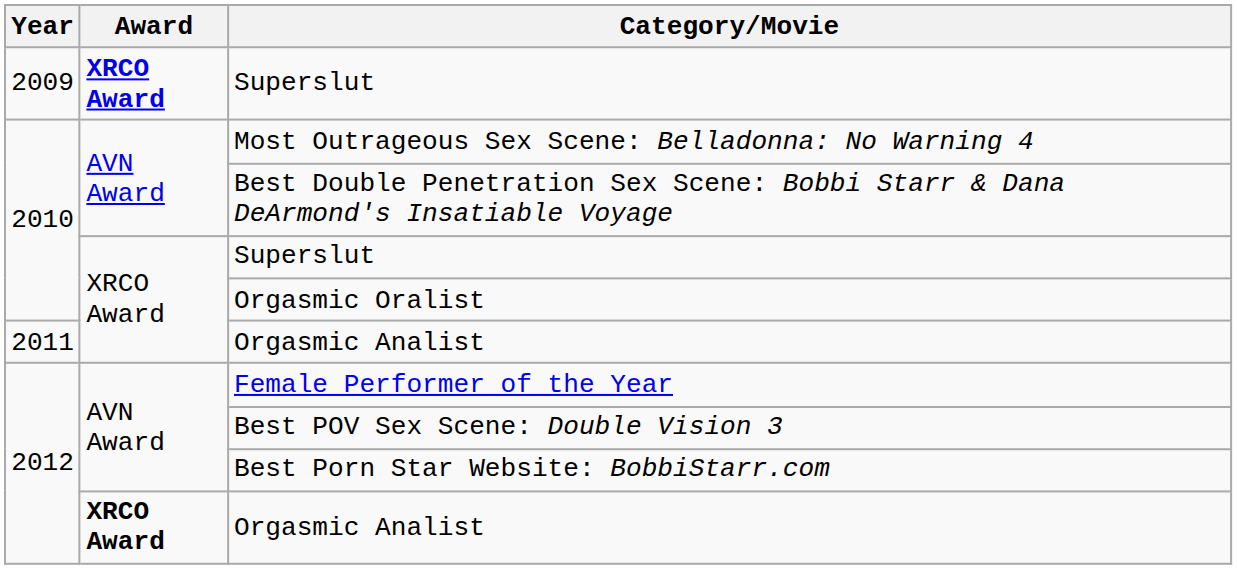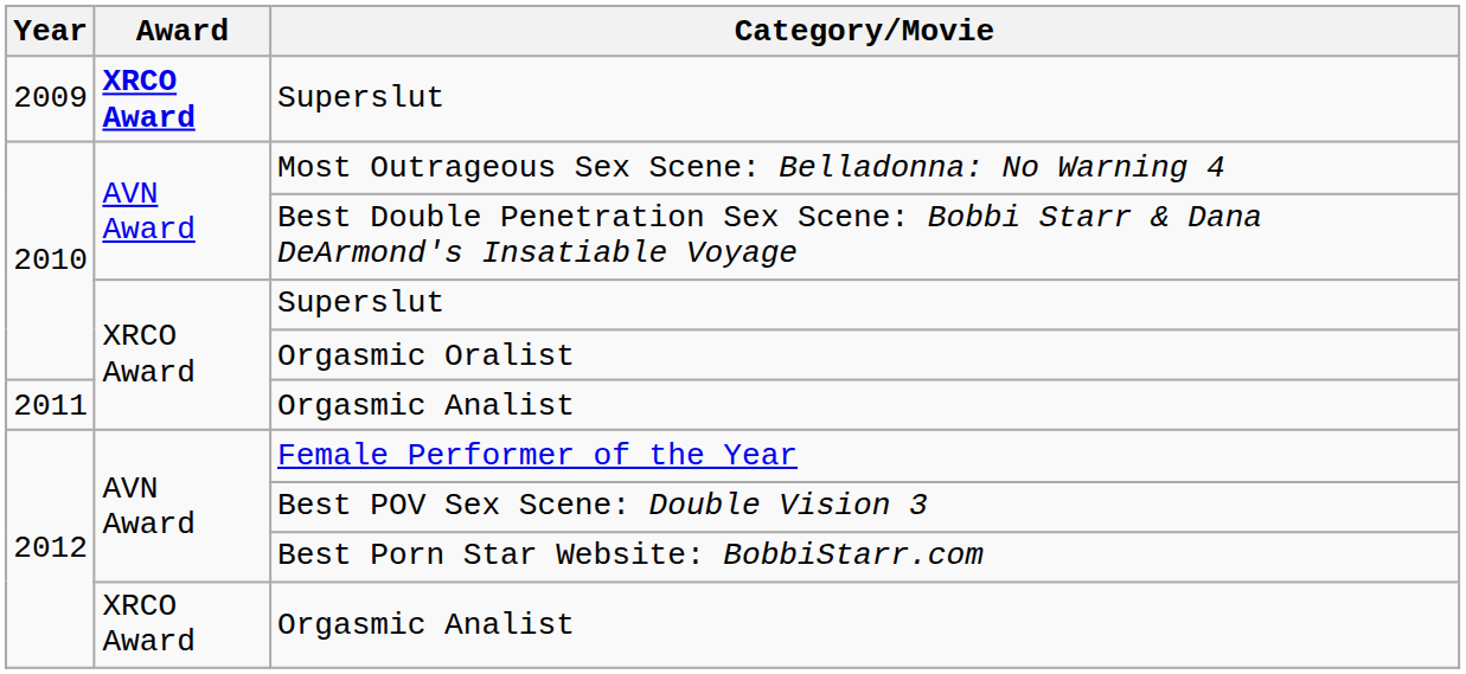 <table class="wikitable">
 <tr>
 <th>Year</th>
 <th>Award</th>
 <th>Category/Movie</th>
 </tr>
 <tr>
 <td>2009</td>
 <td><strong><a href='#'>XRCO Award</a></strong></td>
 <td>Superslut</td>
 </tr>
 <tr>
 <td rowspan=4>2010</td>
 <td rowspan=2><a href='#'>AVN Award</a></td>
 <td>Most Outrageous Sex Scene: <em>Belladonna: No Warning 4</em></td>
 </tr>
 <tr>
 <td>Best Double Penetration Sex Scene: <em>Bobbi Starr & Dana DeArmond's Insatiable Voyage</em></td>
 </tr>
 <tr>
 <td rowspan=3>XRCO Award</td>
 <td>Superslut</td>
 </tr>
 <tr>
 <td>Orgasmic Oralist</td>
 </tr>
 <tr>
 <td>2011</td>
 <td>Orgasmic Analist</td>
 </tr>
 <tr>
 <td rowspan=4>2012</td>
 <td rowspan=3>AVN Award</td>
 <td><a href='#'>Female Performer of the Year</a></td>
 </tr>
 <tr>
 <td>Best POV Sex Scene: <em>Double Vision 3</em></td>
 </tr>
 <tr>
 <td>Best Porn Star Website: <em>BobbiStarr.com</em></td>
 </tr>
 <tr>
-<td><strong>XRCO Award</strong></td>
+<td>XRCO Award</td>
 <td>Orgasmic Analist</td>
 </tr>
 </table>
